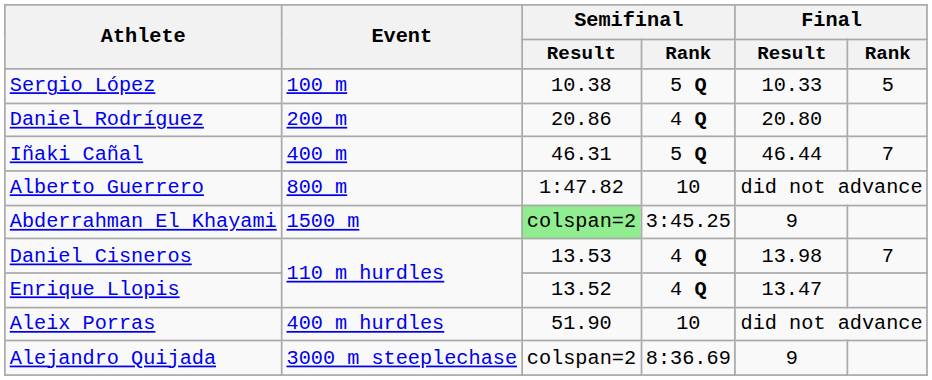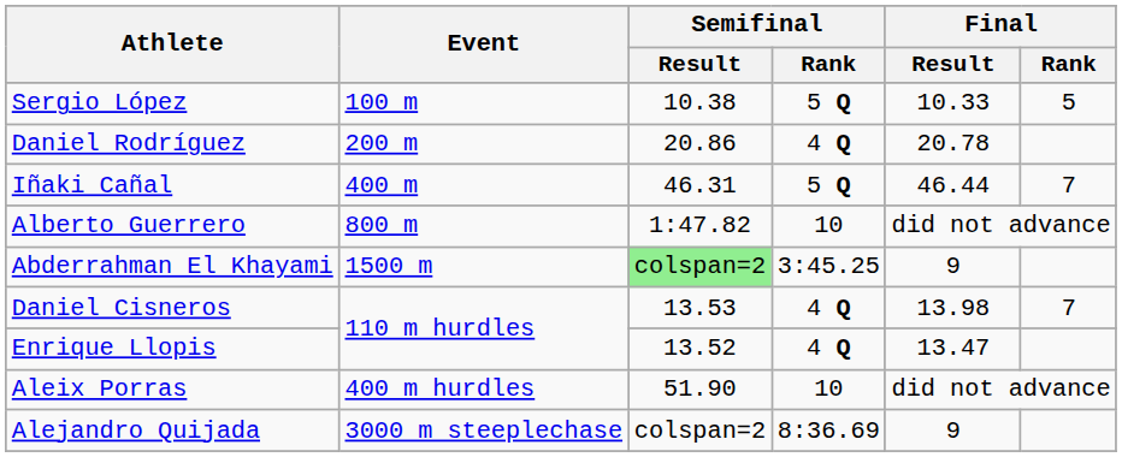 <table class="wikitable" style="font-size:90%">
 <tr>
 <th rowspan="2">Athlete</th>
 <th rowspan="2">Event</th>
 <th colspan="2">Semifinal</th>
 <th colspan="2">Final</th>
 </tr>
 <tr style="font-size:95%">
 <th>Result</th>
 <th>Rank</th>
 <th>Result</th>
 <th>Rank</th>
 </tr>
 <tr align=center>
 <td align=left><a href='#'>Sergio López</a></td>
 <td align=left><a href='#'>100 m</a></td>
 <td>10.38</td>
 <td>5 <strong>Q</strong></td>
 <td>10.33</td>
 <td>5</td>
 </tr>
 <tr align=center>
 <td align=left><a href='#'>Daniel Rodríguez</a></td>
 <td align=left><a href='#'>200 m</a></td>
 <td>20.86</td>
 <td>4 <strong>Q</strong></td>
-<td>20.80</td>
+<td>20.78</td>
 <td></td>
 </tr>
 <tr align=center>
 <td align=left><a href='#'>Iñaki Cañal</a></td>
 <td align=left><a href='#'>400 m</a></td>
 <td>46.31</td>
 <td>5 <strong>Q</strong></td>
 <td>46.44</td>
 <td>7</td>
 </tr>
 <tr align=center>
 <td align=left><a href='#'>Alberto Guerrero</a></td>
 <td align=left><a href='#'>800 m</a></td>
 <td>1:47.82</td>
 <td>10</td>
 <td colspan=2>did not advance</td>
 </tr>
 <tr align=center>
 <td align=left><a href='#'>Abderrahman El Khayami</a></td>
 <td align=left><a href='#'>1500 m</a></td>
 <td style="background: lightgreen;">colspan=2 </td>
 <td>3:45.25</td>
 <td>9</td>
 </tr>
 <tr align=center>
 <td align=left><a href='#'>Daniel Cisneros</a></td>
 <td align=left rowspan=2><a href='#'>110 m hurdles</a></td>
 <td>13.53</td>
 <td>4 <strong>Q</strong></td>
 <td>13.98</td>
 <td>7</td>
 </tr>
 <tr align=center>
 <td align=left><a href='#'>Enrique Llopis</a></td>
 <td>13.52</td>
 <td>4 <strong>Q</strong></td>
 <td>13.47</td>
 <td></td>
 </tr>
 <tr align=center>
 <td align=left><a href='#'>Aleix Porras</a></td>
 <td align=left><a href='#'>400 m hurdles</a></td>
 <td>51.90</td>
 <td>10</td>
 <td colspan=2>did not advance</td>
 </tr>
 <tr align=center>
 <td align=left><a href='#'>Alejandro Quijada</a></td>
 <td align=left><a href='#'>3000 m steeplechase</a></td>
 <td>colspan=2 </td>
 <td>8:36.69</td>
 <td>9</td>
 </tr>
 </table>
